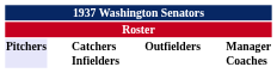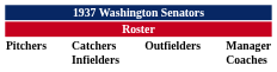 <table class="toccolours" style="font-size: 95%;">
 <tr>
 <th colspan="10" style="background-color: #072764; color: white; text-align: center;">1937 Washington Senators</th>
 </tr>
 <tr>
 <td colspan="10" style="background-color: #c6011f; color: white; text-align: center;"><strong>Roster</strong></td>
 </tr>
 <tr>
-<td valign="top" style="background: lavender;"><strong>Pitchers</strong><br>               </td>
+<td valign="top"><strong>Pitchers</strong><br>               </td>
 <td width="25px"></td>
 <td valign="top"><strong>Catchers</strong><br>        <strong>Infielders</strong>          </td>
 <td width="25px"></td>
 <td valign="top"><strong>Outfielders</strong><br>      </td>
 <td width="25px"></td>
 <td valign="top"><strong>Manager</strong><br> <strong>Coaches</strong>  </td>
 </tr>
 <tr>
 </tr>
 </table>
